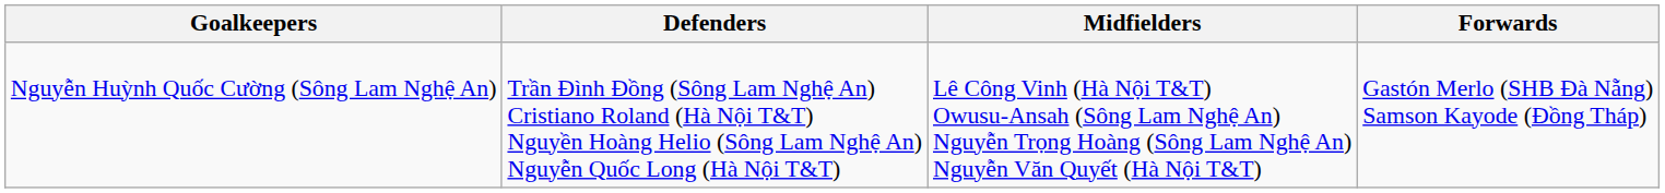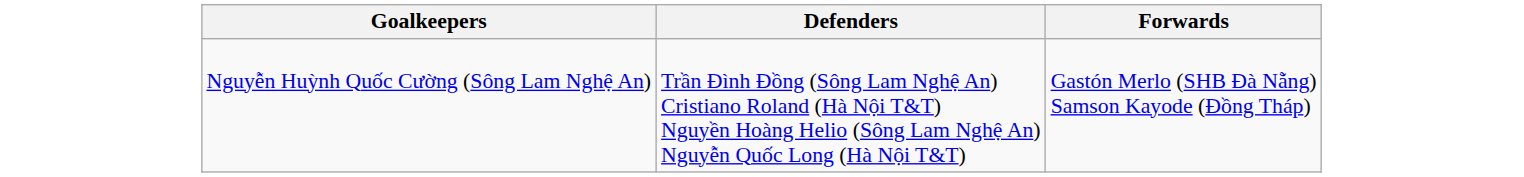 <table class="wikitable" style="mArgin: 0 auto;">
 <tr>
 <th>Goalkeepers</th>
 <th>Defenders</th>
-<th>Midfielders</th>
 <th>Forwards</th>
 </tr>
 <tr>
 <td valign=top><br> <a href='#'>Nguyễn Huỳnh Quốc Cường</a> (<a href='#'>Sông Lam Nghệ An</a>)</td>
 <td valign=top><br> <a href='#'>Trần Đình Đồng</a> (<a href='#'>Sông Lam Nghệ An</a>) <br>  <a href='#'>Cristiano Roland</a> (<a href='#'>Hà Nội T&T</a>)<br>  <a href='#'>Nguyền Hoàng Helio</a> (<a href='#'>Sông Lam Nghệ An</a>)<br>  <a href='#'>Nguyễn Quốc Long</a>  (<a href='#'>Hà Nội T&T</a>)</td>
-<td valign=top><br> <a href='#'>Lê Công Vinh</a> (<a href='#'>Hà Nội T&T</a>)<br>  <a href='#'>Owusu-Ansah</a> (<a href='#'>Sông Lam Nghệ An</a>)<br>  <a href='#'>Nguyễn Trọng Hoàng</a> (<a href='#'>Sông Lam Nghệ An</a>)<br>  <a href='#'>Nguyễn Văn Quyết</a> (<a href='#'>Hà Nội T&T</a>)</td>
 <td valign=top><br> <a href='#'>Gastón Merlo</a> (<a href='#'>SHB Đà Nẵng</a>)<br>  <a href='#'>Samson Kayode</a> (<a href='#'>Đồng Tháp</a>)</td>
 </tr>
 </table>
